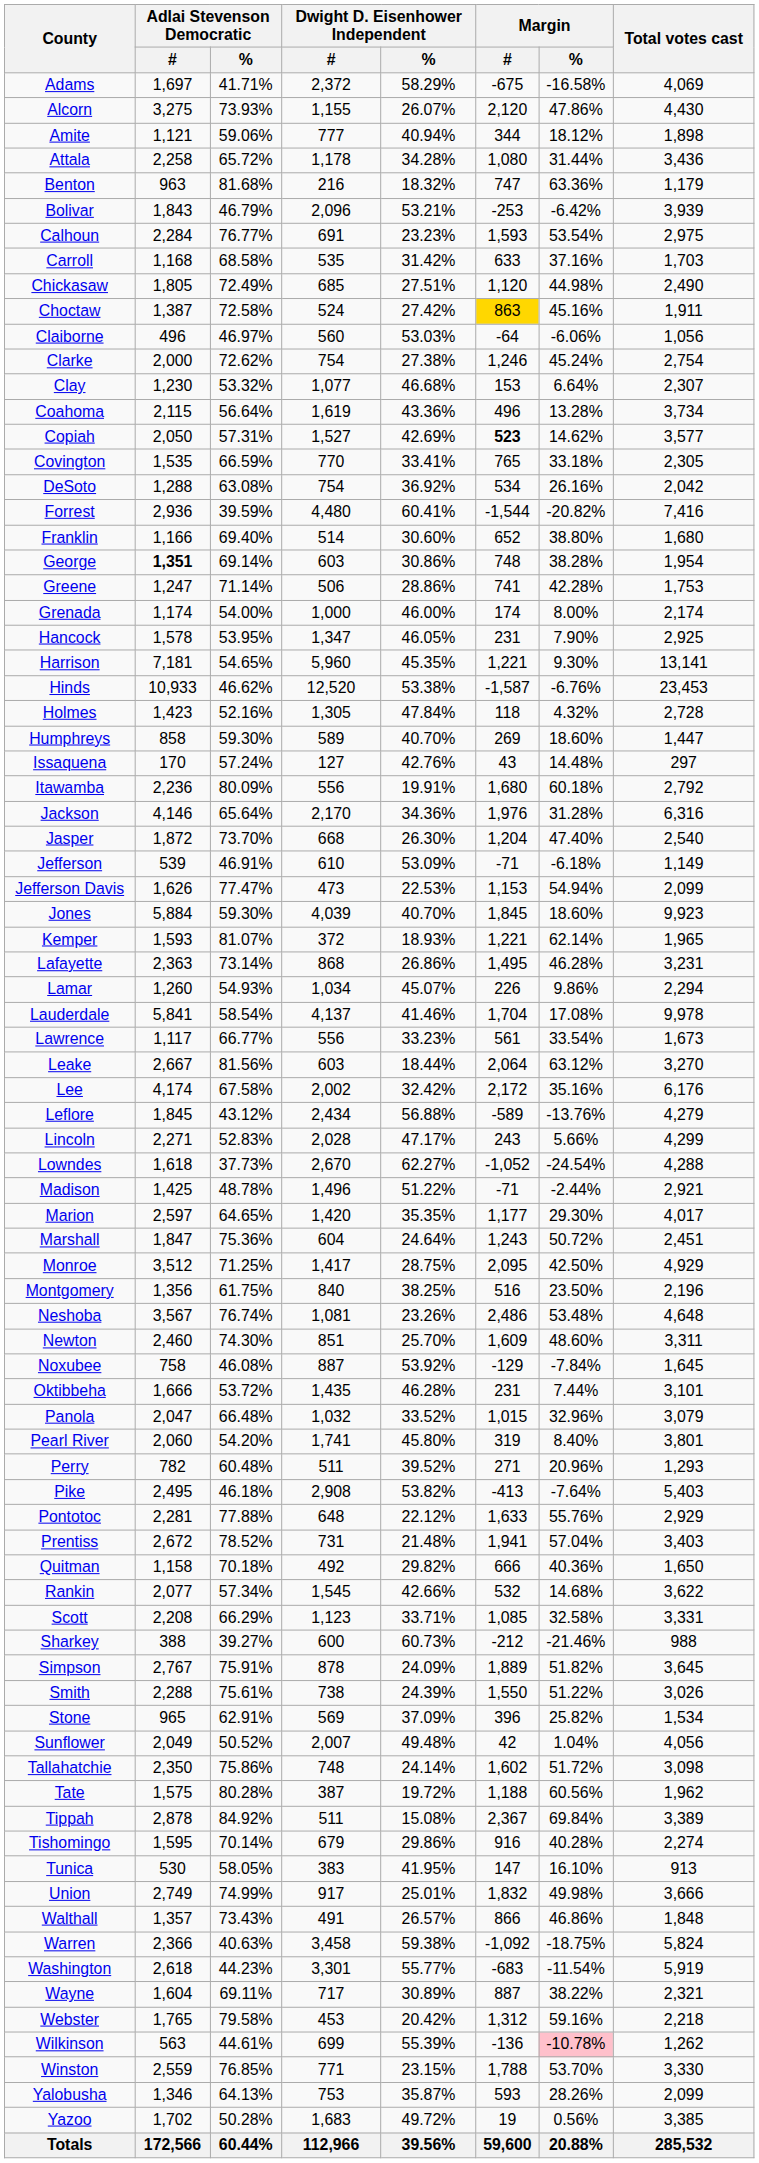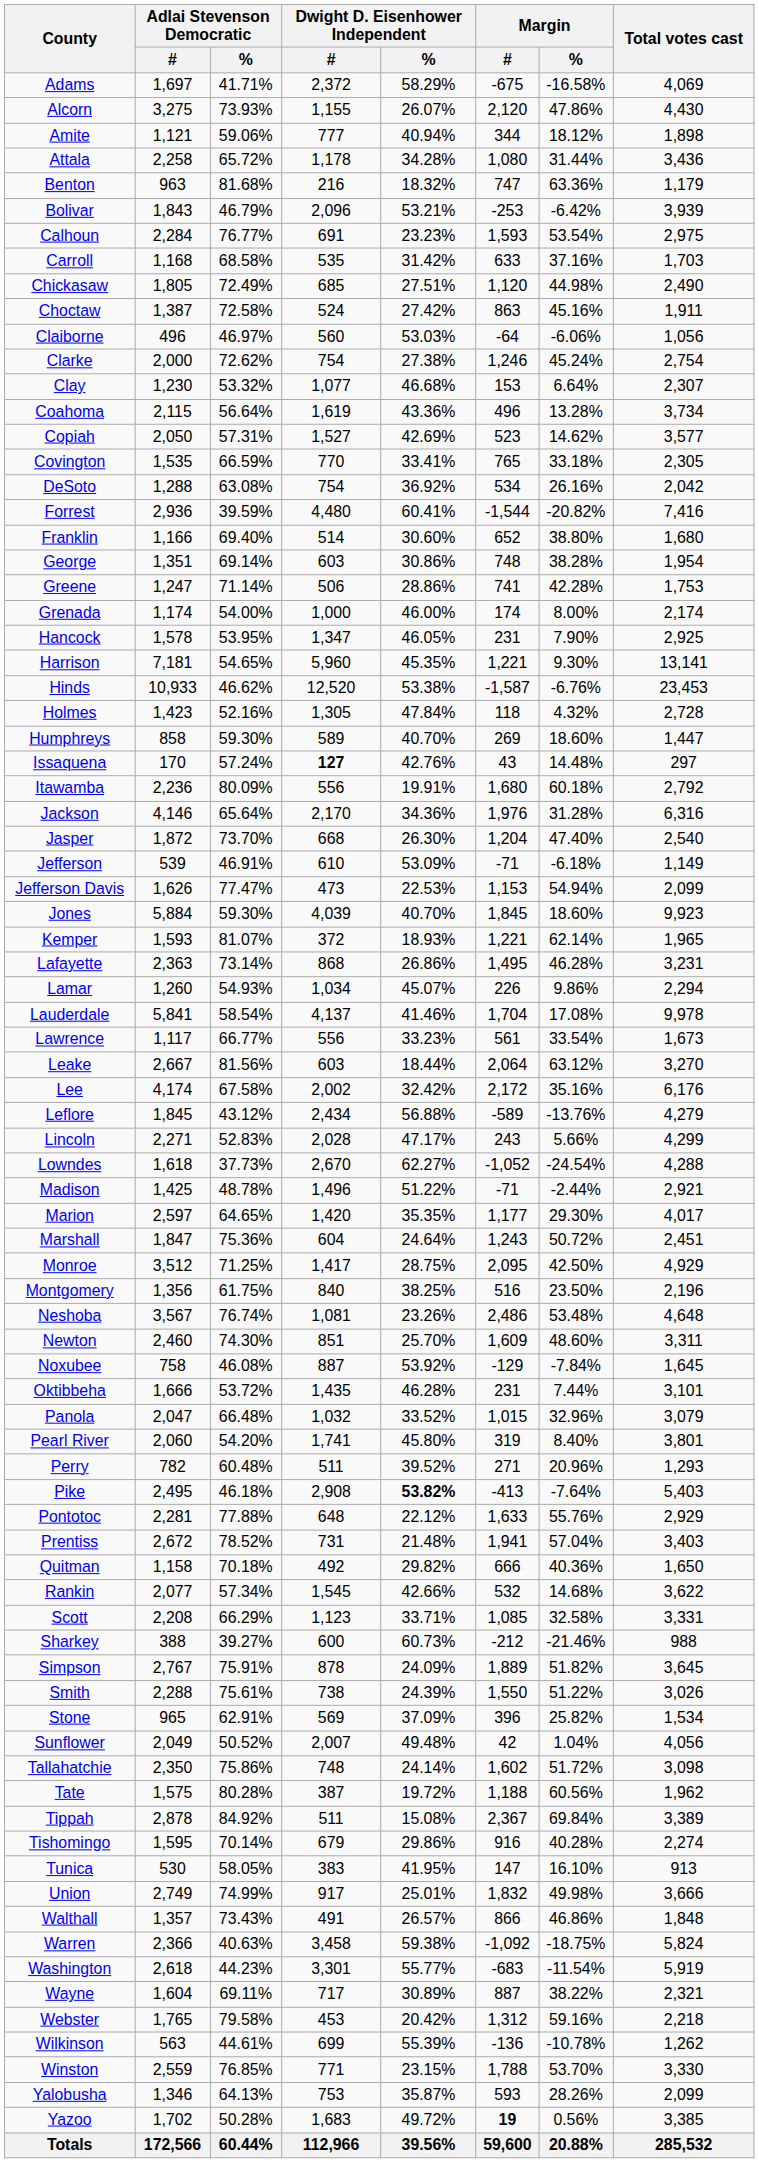 <table width="60%" class="wikitable sortable">
 <tr>
 <th rowspan="2">County</th>
 <th colspan="2">Adlai Stevenson<br>Democratic</th>
 <th colspan="2">Dwight D. Eisenhower<br>Independent</th>
 <th colspan="2">Margin</th>
 <th rowspan="2">Total votes cast</th>
 </tr>
 <tr>
 <th style="text-align:center;" data-sort-type="number">#</th>
 <th style="text-align:center;" data-sort-type="number">%</th>
 <th style="text-align:center;" data-sort-type="number">#</th>
 <th style="text-align:center;" data-sort-type="number">%</th>
 <th style="text-align:center;" data-sort-type="number">#</th>
 <th style="text-align:center;" data-sort-type="number">%</th>
 </tr>
 <tr style="text-align:center;">
 <td><a href='#'>Adams</a></td>
 <td>1,697</td>
 <td>41.71%</td>
 <td>2,372</td>
 <td>58.29%</td>
 <td>-675</td>
 <td>-16.58%</td>
 <td>4,069</td>
 </tr>
 <tr style="text-align:center;">
 <td><a href='#'>Alcorn</a></td>
 <td>3,275</td>
 <td>73.93%</td>
 <td>1,155</td>
 <td>26.07%</td>
 <td>2,120</td>
 <td>47.86%</td>
 <td>4,430</td>
 </tr>
 <tr style="text-align:center;">
 <td><a href='#'>Amite</a></td>
 <td>1,121</td>
 <td>59.06%</td>
 <td>777</td>
 <td>40.94%</td>
 <td>344</td>
 <td>18.12%</td>
 <td>1,898</td>
 </tr>
 <tr style="text-align:center;">
 <td><a href='#'>Attala</a></td>
 <td>2,258</td>
 <td>65.72%</td>
 <td>1,178</td>
 <td>34.28%</td>
 <td>1,080</td>
 <td>31.44%</td>
 <td>3,436</td>
 </tr>
 <tr style="text-align:center;">
 <td><a href='#'>Benton</a></td>
 <td>963</td>
 <td>81.68%</td>
 <td>216</td>
 <td>18.32%</td>
 <td>747</td>
 <td>63.36%</td>
 <td>1,179</td>
 </tr>
 <tr style="text-align:center;">
 <td><a href='#'>Bolivar</a></td>
 <td>1,843</td>
 <td>46.79%</td>
 <td>2,096</td>
 <td>53.21%</td>
 <td>-253</td>
 <td>-6.42%</td>
 <td>3,939</td>
 </tr>
 <tr style="text-align:center;">
 <td><a href='#'>Calhoun</a></td>
 <td>2,284</td>
 <td>76.77%</td>
 <td>691</td>
 <td>23.23%</td>
 <td>1,593</td>
 <td>53.54%</td>
 <td>2,975</td>
 </tr>
 <tr style="text-align:center;">
 <td><a href='#'>Carroll</a></td>
 <td>1,168</td>
 <td>68.58%</td>
 <td>535</td>
 <td>31.42%</td>
 <td>633</td>
 <td>37.16%</td>
 <td>1,703</td>
 </tr>
 <tr style="text-align:center;">
 <td><a href='#'>Chickasaw</a></td>
 <td>1,805</td>
 <td>72.49%</td>
 <td>685</td>
 <td>27.51%</td>
 <td>1,120</td>
 <td>44.98%</td>
 <td>2,490</td>
 </tr>
 <tr style="text-align:center;">
 <td><a href='#'>Choctaw</a></td>
 <td>1,387</td>
 <td>72.58%</td>
 <td>524</td>
 <td>27.42%</td>
-<td style="background: gold;">863</td>
+<td>863</td>
 <td>45.16%</td>
 <td>1,911</td>
 </tr>
 <tr style="text-align:center;">
 <td><a href='#'>Claiborne</a></td>
 <td>496</td>
 <td>46.97%</td>
 <td>560</td>
 <td>53.03%</td>
 <td>-64</td>
 <td>-6.06%</td>
 <td>1,056</td>
 </tr>
 <tr style="text-align:center;">
 <td><a href='#'>Clarke</a></td>
 <td>2,000</td>
 <td>72.62%</td>
 <td>754</td>
 <td>27.38%</td>
 <td>1,246</td>
 <td>45.24%</td>
 <td>2,754</td>
 </tr>
 <tr style="text-align:center;">
 <td><a href='#'>Clay</a></td>
 <td>1,230</td>
 <td>53.32%</td>
 <td>1,077</td>
 <td>46.68%</td>
 <td>153</td>
 <td>6.64%</td>
 <td>2,307</td>
 </tr>
 <tr style="text-align:center;">
 <td><a href='#'>Coahoma</a></td>
 <td>2,115</td>
 <td>56.64%</td>
 <td>1,619</td>
 <td>43.36%</td>
 <td>496</td>
 <td>13.28%</td>
 <td>3,734</td>
 </tr>
 <tr style="text-align:center;">
 <td><a href='#'>Copiah</a></td>
 <td>2,050</td>
 <td>57.31%</td>
 <td>1,527</td>
 <td>42.69%</td>
-<td><strong>523</strong></td>
+<td>523</td>
 <td>14.62%</td>
 <td>3,577</td>
 </tr>
 <tr style="text-align:center;">
 <td><a href='#'>Covington</a></td>
 <td>1,535</td>
 <td>66.59%</td>
 <td>770</td>
 <td>33.41%</td>
 <td>765</td>
 <td>33.18%</td>
 <td>2,305</td>
 </tr>
 <tr style="text-align:center;">
 <td><a href='#'>DeSoto</a></td>
 <td>1,288</td>
 <td>63.08%</td>
 <td>754</td>
 <td>36.92%</td>
 <td>534</td>
 <td>26.16%</td>
 <td>2,042</td>
 </tr>
 <tr style="text-align:center;">
 <td><a href='#'>Forrest</a></td>
 <td>2,936</td>
 <td>39.59%</td>
 <td>4,480</td>
 <td>60.41%</td>
 <td>-1,544</td>
 <td>-20.82%</td>
 <td>7,416</td>
 </tr>
 <tr style="text-align:center;">
 <td><a href='#'>Franklin</a></td>
 <td>1,166</td>
 <td>69.40%</td>
 <td>514</td>
 <td>30.60%</td>
 <td>652</td>
 <td>38.80%</td>
 <td>1,680</td>
 </tr>
 <tr style="text-align:center;">
 <td><a href='#'>George</a></td>
-<td><strong>1,351</strong></td>
+<td>1,351</td>
 <td>69.14%</td>
 <td>603</td>
 <td>30.86%</td>
 <td>748</td>
 <td>38.28%</td>
 <td>1,954</td>
 </tr>
 <tr style="text-align:center;">
 <td><a href='#'>Greene</a></td>
 <td>1,247</td>
 <td>71.14%</td>
 <td>506</td>
 <td>28.86%</td>
 <td>741</td>
 <td>42.28%</td>
 <td>1,753</td>
 </tr>
 <tr style="text-align:center;">
 <td><a href='#'>Grenada</a></td>
 <td>1,174</td>
 <td>54.00%</td>
 <td>1,000</td>
 <td>46.00%</td>
 <td>174</td>
 <td>8.00%</td>
 <td>2,174</td>
 </tr>
 <tr style="text-align:center;">
 <td><a href='#'>Hancock</a></td>
 <td>1,578</td>
 <td>53.95%</td>
 <td>1,347</td>
 <td>46.05%</td>
 <td>231</td>
 <td>7.90%</td>
 <td>2,925</td>
 </tr>
 <tr style="text-align:center;">
 <td><a href='#'>Harrison</a></td>
 <td>7,181</td>
 <td>54.65%</td>
 <td>5,960</td>
 <td>45.35%</td>
 <td>1,221</td>
 <td>9.30%</td>
 <td>13,141</td>
 </tr>
 <tr style="text-align:center;">
 <td><a href='#'>Hinds</a></td>
 <td>10,933</td>
 <td>46.62%</td>
 <td>12,520</td>
 <td>53.38%</td>
 <td>-1,587</td>
 <td>-6.76%</td>
 <td>23,453</td>
 </tr>
 <tr style="text-align:center;">
 <td><a href='#'>Holmes</a></td>
 <td>1,423</td>
 <td>52.16%</td>
 <td>1,305</td>
 <td>47.84%</td>
 <td>118</td>
 <td>4.32%</td>
 <td>2,728</td>
 </tr>
 <tr style="text-align:center;">
 <td><a href='#'>Humphreys</a></td>
 <td>858</td>
 <td>59.30%</td>
 <td>589</td>
 <td>40.70%</td>
 <td>269</td>
 <td>18.60%</td>
 <td>1,447</td>
 </tr>
 <tr style="text-align:center;">
 <td><a href='#'>Issaquena</a></td>
 <td>170</td>
 <td>57.24%</td>
-<td>127</td>
+<td><strong>127</strong></td>
 <td>42.76%</td>
 <td>43</td>
 <td>14.48%</td>
 <td>297</td>
 </tr>
 <tr style="text-align:center;">
 <td><a href='#'>Itawamba</a></td>
 <td>2,236</td>
 <td>80.09%</td>
 <td>556</td>
 <td>19.91%</td>
 <td>1,680</td>
 <td>60.18%</td>
 <td>2,792</td>
 </tr>
 <tr style="text-align:center;">
 <td><a href='#'>Jackson</a></td>
 <td>4,146</td>
 <td>65.64%</td>
 <td>2,170</td>
 <td>34.36%</td>
 <td>1,976</td>
 <td>31.28%</td>
 <td>6,316</td>
 </tr>
 <tr style="text-align:center;">
 <td><a href='#'>Jasper</a></td>
 <td>1,872</td>
 <td>73.70%</td>
 <td>668</td>
 <td>26.30%</td>
 <td>1,204</td>
 <td>47.40%</td>
 <td>2,540</td>
 </tr>
 <tr style="text-align:center;">
 <td><a href='#'>Jefferson</a></td>
 <td>539</td>
 <td>46.91%</td>
 <td>610</td>
 <td>53.09%</td>
 <td>-71</td>
 <td>-6.18%</td>
 <td>1,149</td>
 </tr>
 <tr style="text-align:center;">
 <td><a href='#'>Jefferson Davis</a></td>
 <td>1,626</td>
 <td>77.47%</td>
 <td>473</td>
 <td>22.53%</td>
 <td>1,153</td>
 <td>54.94%</td>
 <td>2,099</td>
 </tr>
 <tr style="text-align:center;">
 <td><a href='#'>Jones</a></td>
 <td>5,884</td>
 <td>59.30%</td>
 <td>4,039</td>
 <td>40.70%</td>
 <td>1,845</td>
 <td>18.60%</td>
 <td>9,923</td>
 </tr>
 <tr style="text-align:center;">
 <td><a href='#'>Kemper</a></td>
 <td>1,593</td>
 <td>81.07%</td>
 <td>372</td>
 <td>18.93%</td>
 <td>1,221</td>
 <td>62.14%</td>
 <td>1,965</td>
 </tr>
 <tr style="text-align:center;">
 <td><a href='#'>Lafayette</a></td>
 <td>2,363</td>
 <td>73.14%</td>
 <td>868</td>
 <td>26.86%</td>
 <td>1,495</td>
 <td>46.28%</td>
 <td>3,231</td>
 </tr>
 <tr style="text-align:center;">
 <td><a href='#'>Lamar</a></td>
 <td>1,260</td>
 <td>54.93%</td>
 <td>1,034</td>
 <td>45.07%</td>
 <td>226</td>
 <td>9.86%</td>
 <td>2,294</td>
 </tr>
 <tr style="text-align:center;">
 <td><a href='#'>Lauderdale</a></td>
 <td>5,841</td>
 <td>58.54%</td>
 <td>4,137</td>
 <td>41.46%</td>
 <td>1,704</td>
 <td>17.08%</td>
 <td>9,978</td>
 </tr>
 <tr style="text-align:center;">
 <td><a href='#'>Lawrence</a></td>
 <td>1,117</td>
 <td>66.77%</td>
 <td>556</td>
 <td>33.23%</td>
 <td>561</td>
 <td>33.54%</td>
 <td>1,673</td>
 </tr>
 <tr style="text-align:center;">
 <td><a href='#'>Leake</a></td>
 <td>2,667</td>
 <td>81.56%</td>
 <td>603</td>
 <td>18.44%</td>
 <td>2,064</td>
 <td>63.12%</td>
 <td>3,270</td>
 </tr>
 <tr style="text-align:center;">
 <td><a href='#'>Lee</a></td>
 <td>4,174</td>
 <td>67.58%</td>
 <td>2,002</td>
 <td>32.42%</td>
 <td>2,172</td>
 <td>35.16%</td>
 <td>6,176</td>
 </tr>
 <tr style="text-align:center;">
 <td><a href='#'>Leflore</a></td>
 <td>1,845</td>
 <td>43.12%</td>
 <td>2,434</td>
 <td>56.88%</td>
 <td>-589</td>
 <td>-13.76%</td>
 <td>4,279</td>
 </tr>
 <tr style="text-align:center;">
 <td><a href='#'>Lincoln</a></td>
 <td>2,271</td>
 <td>52.83%</td>
 <td>2,028</td>
 <td>47.17%</td>
 <td>243</td>
 <td>5.66%</td>
 <td>4,299</td>
 </tr>
 <tr style="text-align:center;">
 <td><a href='#'>Lowndes</a></td>
 <td>1,618</td>
 <td>37.73%</td>
 <td>2,670</td>
 <td>62.27%</td>
 <td>-1,052</td>
 <td>-24.54%</td>
 <td>4,288</td>
 </tr>
 <tr style="text-align:center;">
 <td><a href='#'>Madison</a></td>
 <td>1,425</td>
 <td>48.78%</td>
 <td>1,496</td>
 <td>51.22%</td>
 <td>-71</td>
 <td>-2.44%</td>
 <td>2,921</td>
 </tr>
 <tr style="text-align:center;">
 <td><a href='#'>Marion</a></td>
 <td>2,597</td>
 <td>64.65%</td>
 <td>1,420</td>
 <td>35.35%</td>
 <td>1,177</td>
 <td>29.30%</td>
 <td>4,017</td>
 </tr>
 <tr style="text-align:center;">
 <td><a href='#'>Marshall</a></td>
 <td>1,847</td>
 <td>75.36%</td>
 <td>604</td>
 <td>24.64%</td>
 <td>1,243</td>
 <td>50.72%</td>
 <td>2,451</td>
 </tr>
 <tr style="text-align:center;">
 <td><a href='#'>Monroe</a></td>
 <td>3,512</td>
 <td>71.25%</td>
 <td>1,417</td>
 <td>28.75%</td>
 <td>2,095</td>
 <td>42.50%</td>
 <td>4,929</td>
 </tr>
 <tr style="text-align:center;">
 <td><a href='#'>Montgomery</a></td>
 <td>1,356</td>
 <td>61.75%</td>
 <td>840</td>
 <td>38.25%</td>
 <td>516</td>
 <td>23.50%</td>
 <td>2,196</td>
 </tr>
 <tr style="text-align:center;">
 <td><a href='#'>Neshoba</a></td>
 <td>3,567</td>
 <td>76.74%</td>
 <td>1,081</td>
 <td>23.26%</td>
 <td>2,486</td>
 <td>53.48%</td>
 <td>4,648</td>
 </tr>
 <tr style="text-align:center;">
 <td><a href='#'>Newton</a></td>
 <td>2,460</td>
 <td>74.30%</td>
 <td>851</td>
 <td>25.70%</td>
 <td>1,609</td>
 <td>48.60%</td>
 <td>3,311</td>
 </tr>
 <tr style="text-align:center;">
 <td><a href='#'>Noxubee</a></td>
 <td>758</td>
 <td>46.08%</td>
 <td>887</td>
 <td>53.92%</td>
 <td>-129</td>
 <td>-7.84%</td>
 <td>1,645</td>
 </tr>
 <tr style="text-align:center;">
 <td><a href='#'>Oktibbeha</a></td>
 <td>1,666</td>
 <td>53.72%</td>
 <td>1,435</td>
 <td>46.28%</td>
 <td>231</td>
 <td>7.44%</td>
 <td>3,101</td>
 </tr>
 <tr style="text-align:center;">
 <td><a href='#'>Panola</a></td>
 <td>2,047</td>
 <td>66.48%</td>
 <td>1,032</td>
 <td>33.52%</td>
 <td>1,015</td>
 <td>32.96%</td>
 <td>3,079</td>
 </tr>
 <tr style="text-align:center;">
 <td><a href='#'>Pearl River</a></td>
 <td>2,060</td>
 <td>54.20%</td>
 <td>1,741</td>
 <td>45.80%</td>
 <td>319</td>
 <td>8.40%</td>
 <td>3,801</td>
 </tr>
 <tr style="text-align:center;">
 <td><a href='#'>Perry</a></td>
 <td>782</td>
 <td>60.48%</td>
 <td>511</td>
 <td>39.52%</td>
 <td>271</td>
 <td>20.96%</td>
 <td>1,293</td>
 </tr>
 <tr style="text-align:center;">
 <td><a href='#'>Pike</a></td>
 <td>2,495</td>
 <td>46.18%</td>
 <td>2,908</td>
-<td>53.82%</td>
+<td><strong>53.82%</strong></td>
 <td>-413</td>
 <td>-7.64%</td>
 <td>5,403</td>
 </tr>
 <tr style="text-align:center;">
 <td><a href='#'>Pontotoc</a></td>
 <td>2,281</td>
 <td>77.88%</td>
 <td>648</td>
 <td>22.12%</td>
 <td>1,633</td>
 <td>55.76%</td>
 <td>2,929</td>
 </tr>
 <tr style="text-align:center;">
 <td><a href='#'>Prentiss</a></td>
 <td>2,672</td>
 <td>78.52%</td>
 <td>731</td>
 <td>21.48%</td>
 <td>1,941</td>
 <td>57.04%</td>
 <td>3,403</td>
 </tr>
 <tr style="text-align:center;">
 <td><a href='#'>Quitman</a></td>
 <td>1,158</td>
 <td>70.18%</td>
 <td>492</td>
 <td>29.82%</td>
 <td>666</td>
 <td>40.36%</td>
 <td>1,650</td>
 </tr>
 <tr style="text-align:center;">
 <td><a href='#'>Rankin</a></td>
 <td>2,077</td>
 <td>57.34%</td>
 <td>1,545</td>
 <td>42.66%</td>
 <td>532</td>
 <td>14.68%</td>
 <td>3,622</td>
 </tr>
 <tr style="text-align:center;">
 <td><a href='#'>Scott</a></td>
 <td>2,208</td>
 <td>66.29%</td>
 <td>1,123</td>
 <td>33.71%</td>
 <td>1,085</td>
 <td>32.58%</td>
 <td>3,331</td>
 </tr>
 <tr style="text-align:center;">
 <td><a href='#'>Sharkey</a></td>
 <td>388</td>
 <td>39.27%</td>
 <td>600</td>
 <td>60.73%</td>
 <td>-212</td>
 <td>-21.46%</td>
 <td>988</td>
 </tr>
 <tr style="text-align:center;">
 <td><a href='#'>Simpson</a></td>
 <td>2,767</td>
 <td>75.91%</td>
 <td>878</td>
 <td>24.09%</td>
 <td>1,889</td>
 <td>51.82%</td>
 <td>3,645</td>
 </tr>
 <tr style="text-align:center;">
 <td><a href='#'>Smith</a></td>
 <td>2,288</td>
 <td>75.61%</td>
 <td>738</td>
 <td>24.39%</td>
 <td>1,550</td>
 <td>51.22%</td>
 <td>3,026</td>
 </tr>
 <tr style="text-align:center;">
 <td><a href='#'>Stone</a></td>
 <td>965</td>
 <td>62.91%</td>
 <td>569</td>
 <td>37.09%</td>
 <td>396</td>
 <td>25.82%</td>
 <td>1,534</td>
 </tr>
 <tr style="text-align:center;">
 <td><a href='#'>Sunflower</a></td>
 <td>2,049</td>
 <td>50.52%</td>
 <td>2,007</td>
 <td>49.48%</td>
 <td>42</td>
 <td>1.04%</td>
 <td>4,056</td>
 </tr>
 <tr style="text-align:center;">
 <td><a href='#'>Tallahatchie</a></td>
 <td>2,350</td>
 <td>75.86%</td>
 <td>748</td>
 <td>24.14%</td>
 <td>1,602</td>
 <td>51.72%</td>
 <td>3,098</td>
 </tr>
 <tr style="text-align:center;">
 <td><a href='#'>Tate</a></td>
 <td>1,575</td>
 <td>80.28%</td>
 <td>387</td>
 <td>19.72%</td>
 <td>1,188</td>
 <td>60.56%</td>
 <td>1,962</td>
 </tr>
 <tr style="text-align:center;">
 <td><a href='#'>Tippah</a></td>
 <td>2,878</td>
 <td>84.92%</td>
 <td>511</td>
 <td>15.08%</td>
 <td>2,367</td>
 <td>69.84%</td>
 <td>3,389</td>
 </tr>
 <tr style="text-align:center;">
 <td><a href='#'>Tishomingo</a></td>
 <td>1,595</td>
 <td>70.14%</td>
 <td>679</td>
 <td>29.86%</td>
 <td>916</td>
 <td>40.28%</td>
 <td>2,274</td>
 </tr>
 <tr style="text-align:center;">
 <td><a href='#'>Tunica</a></td>
 <td>530</td>
 <td>58.05%</td>
 <td>383</td>
 <td>41.95%</td>
 <td>147</td>
 <td>16.10%</td>
 <td>913</td>
 </tr>
 <tr style="text-align:center;">
 <td><a href='#'>Union</a></td>
 <td>2,749</td>
 <td>74.99%</td>
 <td>917</td>
 <td>25.01%</td>
 <td>1,832</td>
 <td>49.98%</td>
 <td>3,666</td>
 </tr>
 <tr style="text-align:center;">
 <td><a href='#'>Walthall</a></td>
 <td>1,357</td>
 <td>73.43%</td>
 <td>491</td>
 <td>26.57%</td>
 <td>866</td>
 <td>46.86%</td>
 <td>1,848</td>
 </tr>
 <tr style="text-align:center;">
 <td><a href='#'>Warren</a></td>
 <td>2,366</td>
 <td>40.63%</td>
 <td>3,458</td>
 <td>59.38%</td>
 <td>-1,092</td>
 <td>-18.75%</td>
 <td>5,824</td>
 </tr>
 <tr style="text-align:center;">
 <td><a href='#'>Washington</a></td>
 <td>2,618</td>
 <td>44.23%</td>
 <td>3,301</td>
 <td>55.77%</td>
 <td>-683</td>
 <td>-11.54%</td>
 <td>5,919</td>
 </tr>
 <tr style="text-align:center;">
 <td><a href='#'>Wayne</a></td>
 <td>1,604</td>
 <td>69.11%</td>
 <td>717</td>
 <td>30.89%</td>
 <td>887</td>
 <td>38.22%</td>
 <td>2,321</td>
 </tr>
 <tr style="text-align:center;">
 <td><a href='#'>Webster</a></td>
 <td>1,765</td>
 <td>79.58%</td>
 <td>453</td>
 <td>20.42%</td>
 <td>1,312</td>
 <td>59.16%</td>
 <td>2,218</td>
 </tr>
 <tr style="text-align:center;">
 <td><a href='#'>Wilkinson</a></td>
 <td>563</td>
 <td>44.61%</td>
 <td>699</td>
 <td>55.39%</td>
 <td>-136</td>
-<td style="background: pink;">-10.78%</td>
+<td>-10.78%</td>
 <td>1,262</td>
 </tr>
 <tr style="text-align:center;">
 <td><a href='#'>Winston</a></td>
 <td>2,559</td>
 <td>76.85%</td>
 <td>771</td>
 <td>23.15%</td>
 <td>1,788</td>
 <td>53.70%</td>
 <td>3,330</td>
 </tr>
 <tr style="text-align:center;">
 <td><a href='#'>Yalobusha</a></td>
 <td>1,346</td>
 <td>64.13%</td>
 <td>753</td>
 <td>35.87%</td>
 <td>593</td>
 <td>28.26%</td>
 <td>2,099</td>
 </tr>
 <tr style="text-align:center;">
 <td><a href='#'>Yazoo</a></td>
 <td>1,702</td>
 <td>50.28%</td>
 <td>1,683</td>
 <td>49.72%</td>
-<td>19</td>
+<td><strong>19</strong></td>
 <td>0.56%</td>
 <td>3,385</td>
 </tr>
 <tr style="text-align:center;">
 <th>Totals</th>
 <th>172,566</th>
 <th>60.44%</th>
 <th>112,966</th>
 <th>39.56%</th>
 <th>59,600</th>
 <th>20.88%</th>
 <th>285,532</th>
 </tr>
 </table>
